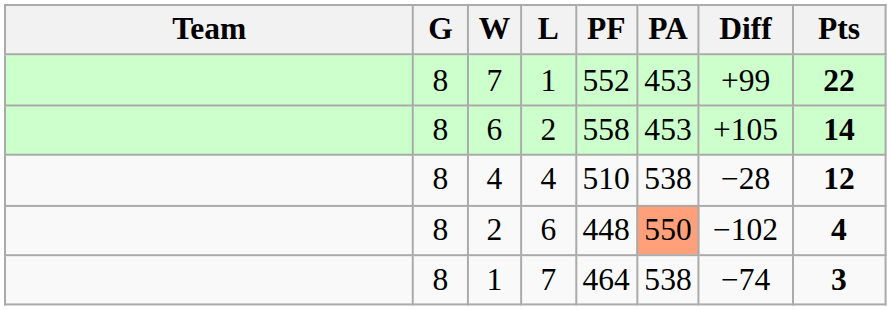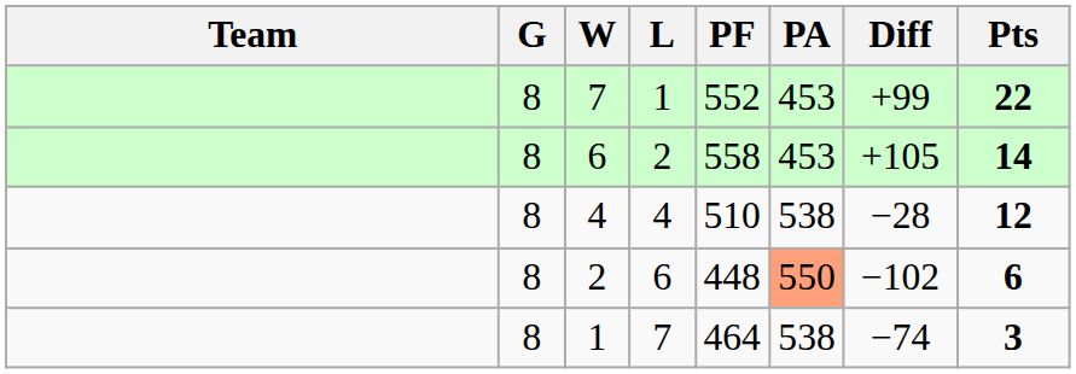 <table class="wikitable" style="text-align:center;">
 <tr>
 <th width=200>Team</th>
 <th width=20>G</th>
 <th width=20>W</th>
 <th width=20>L</th>
 <th width=20>PF</th>
 <th width=20>PA</th>
 <th width=40>Diff</th>
 <th width=40>Pts</th>
 </tr>
 <tr style="background:#cfc;">
 <td Style = "text-align:left;"></td>
 <td>8</td>
 <td>7</td>
 <td>1</td>
 <td>552</td>
 <td>453</td>
 <td>+99</td>
 <td><strong>22</strong></td>
 </tr>
 <tr style="background:#cfc;">
 <td Style = "text-align:left;"></td>
 <td>8</td>
 <td>6</td>
 <td>2</td>
 <td>558</td>
 <td>453</td>
 <td>+105</td>
 <td><strong>14</strong></td>
 </tr>
 <tr>
 <td Style = "text-align:left;"></td>
 <td>8</td>
 <td>4</td>
 <td>4</td>
 <td>510</td>
 <td>538</td>
 <td>−28</td>
 <td><strong>12</strong></td>
 </tr>
 <tr>
 <td Style = "text-align:left;"></td>
 <td>8</td>
 <td>2</td>
 <td>6</td>
 <td>448</td>
 <td style="background: lightsalmon;">550</td>
 <td>−102</td>
-<td><strong>4</strong></td>
+<td><strong>6</strong></td>
 </tr>
 <tr>
 <td Style = "text-align:left;"></td>
 <td>8</td>
 <td>1</td>
 <td>7</td>
 <td>464</td>
 <td>538</td>
 <td>−74</td>
 <td><strong>3</strong></td>
 </tr>
 </table>
